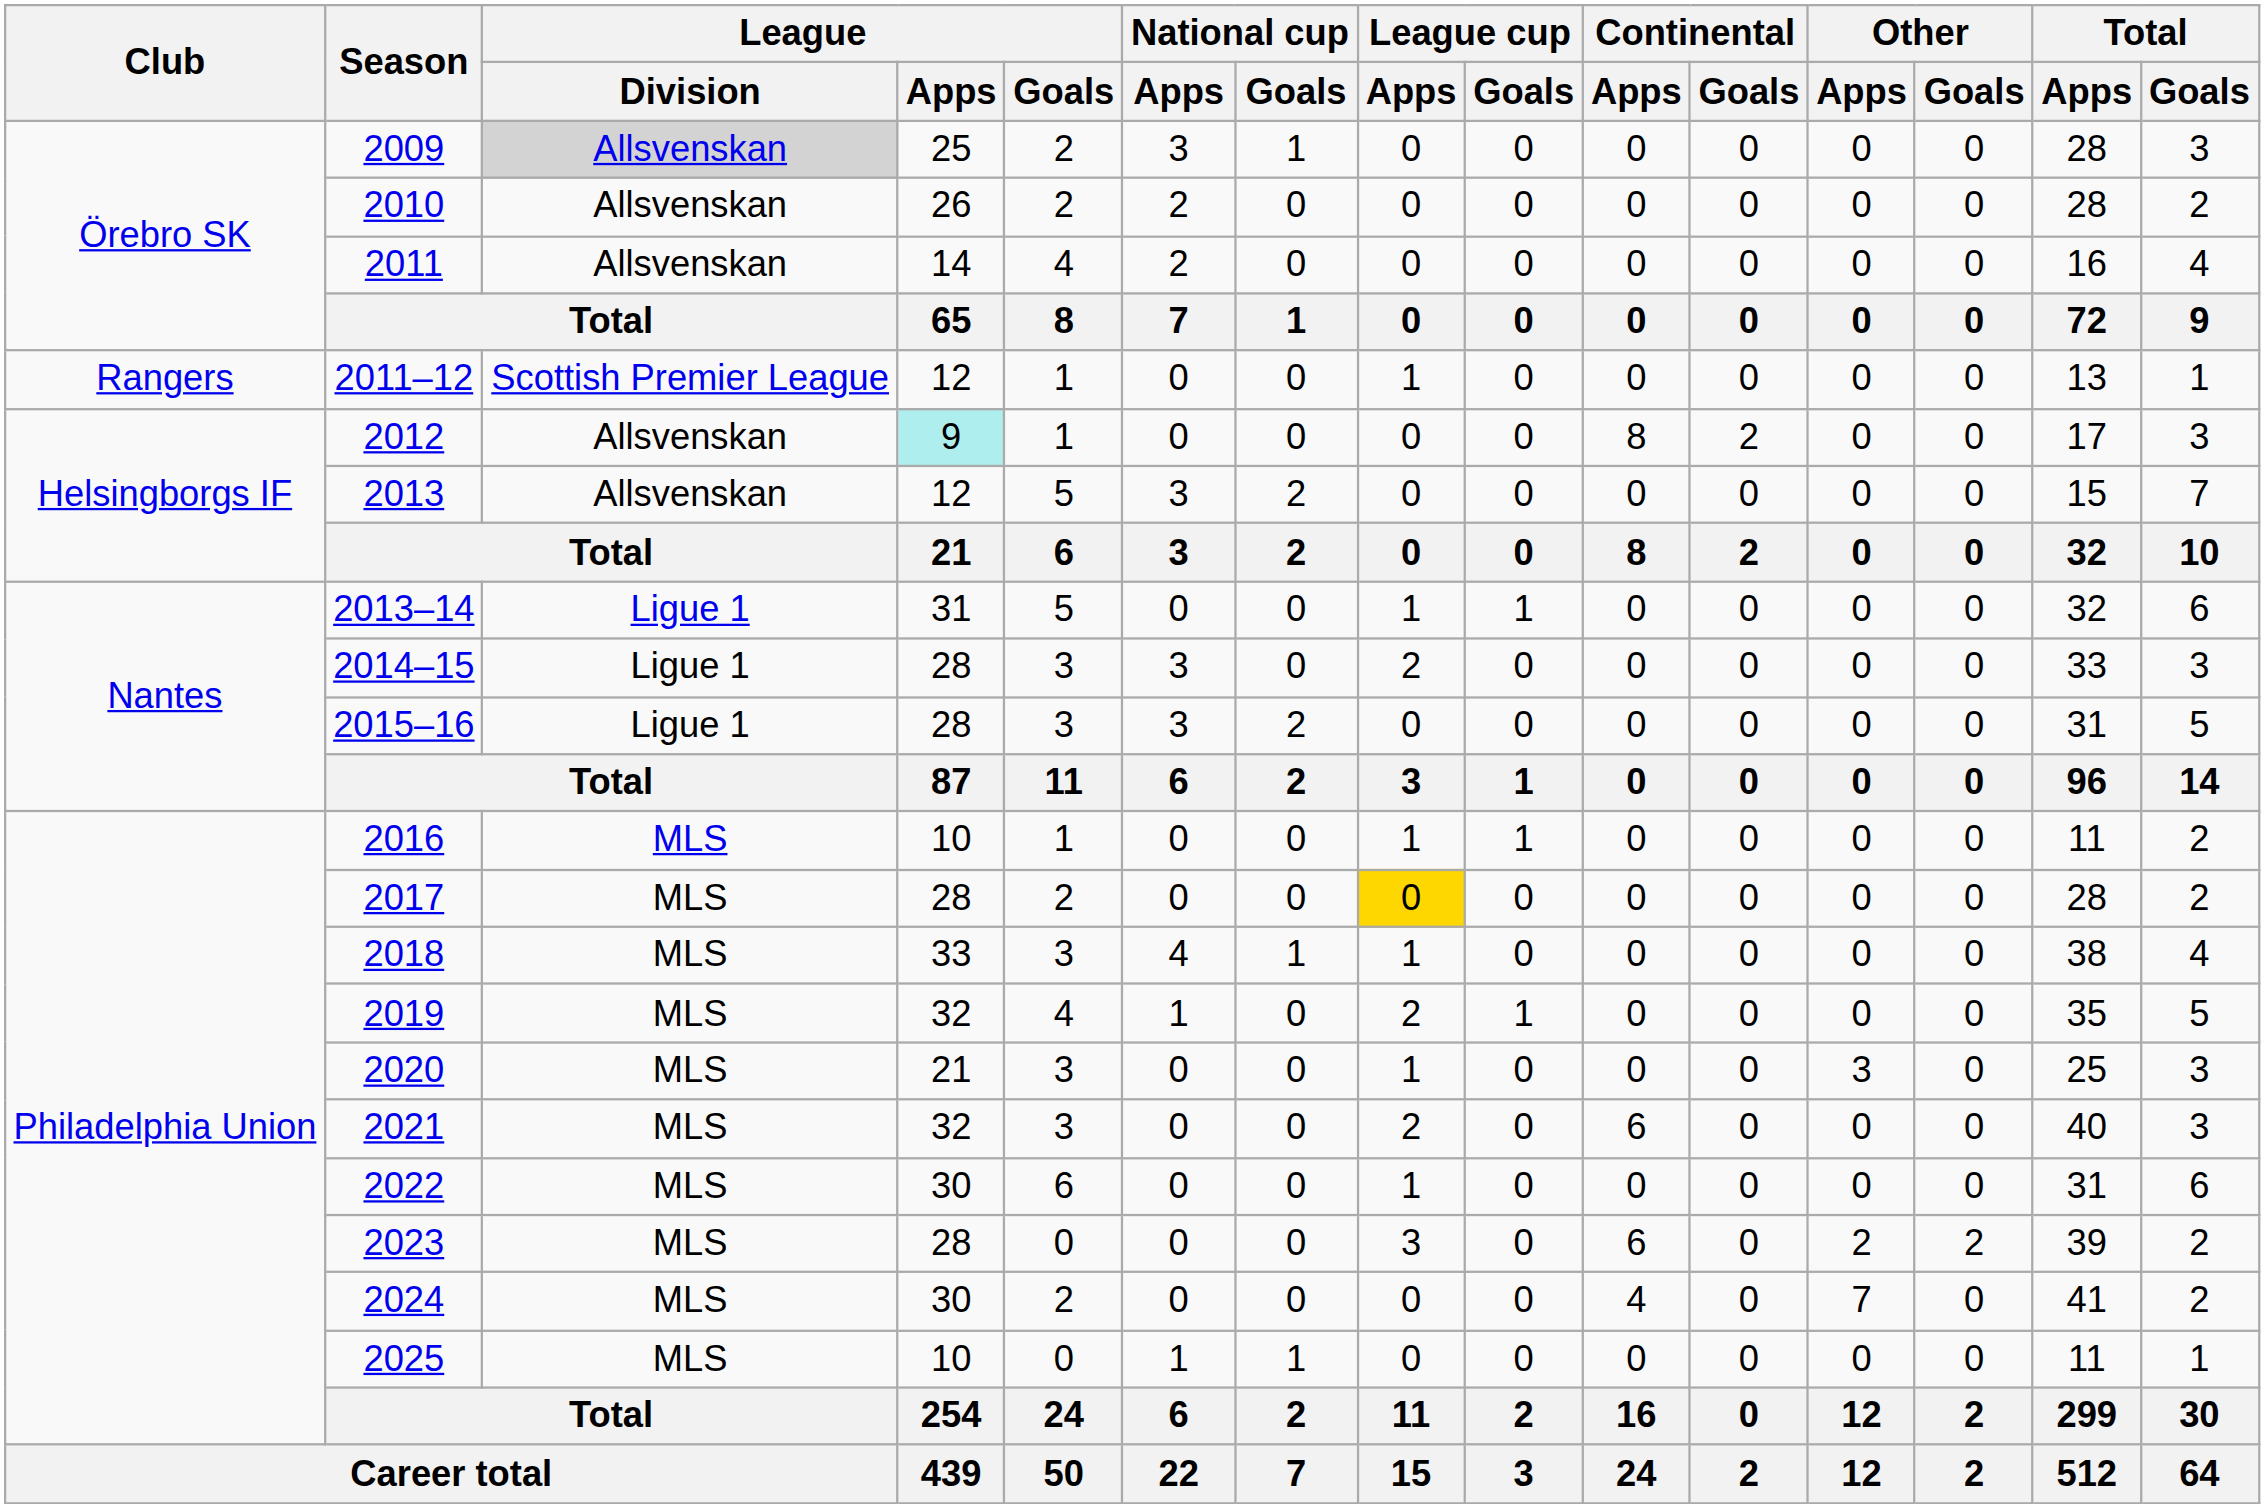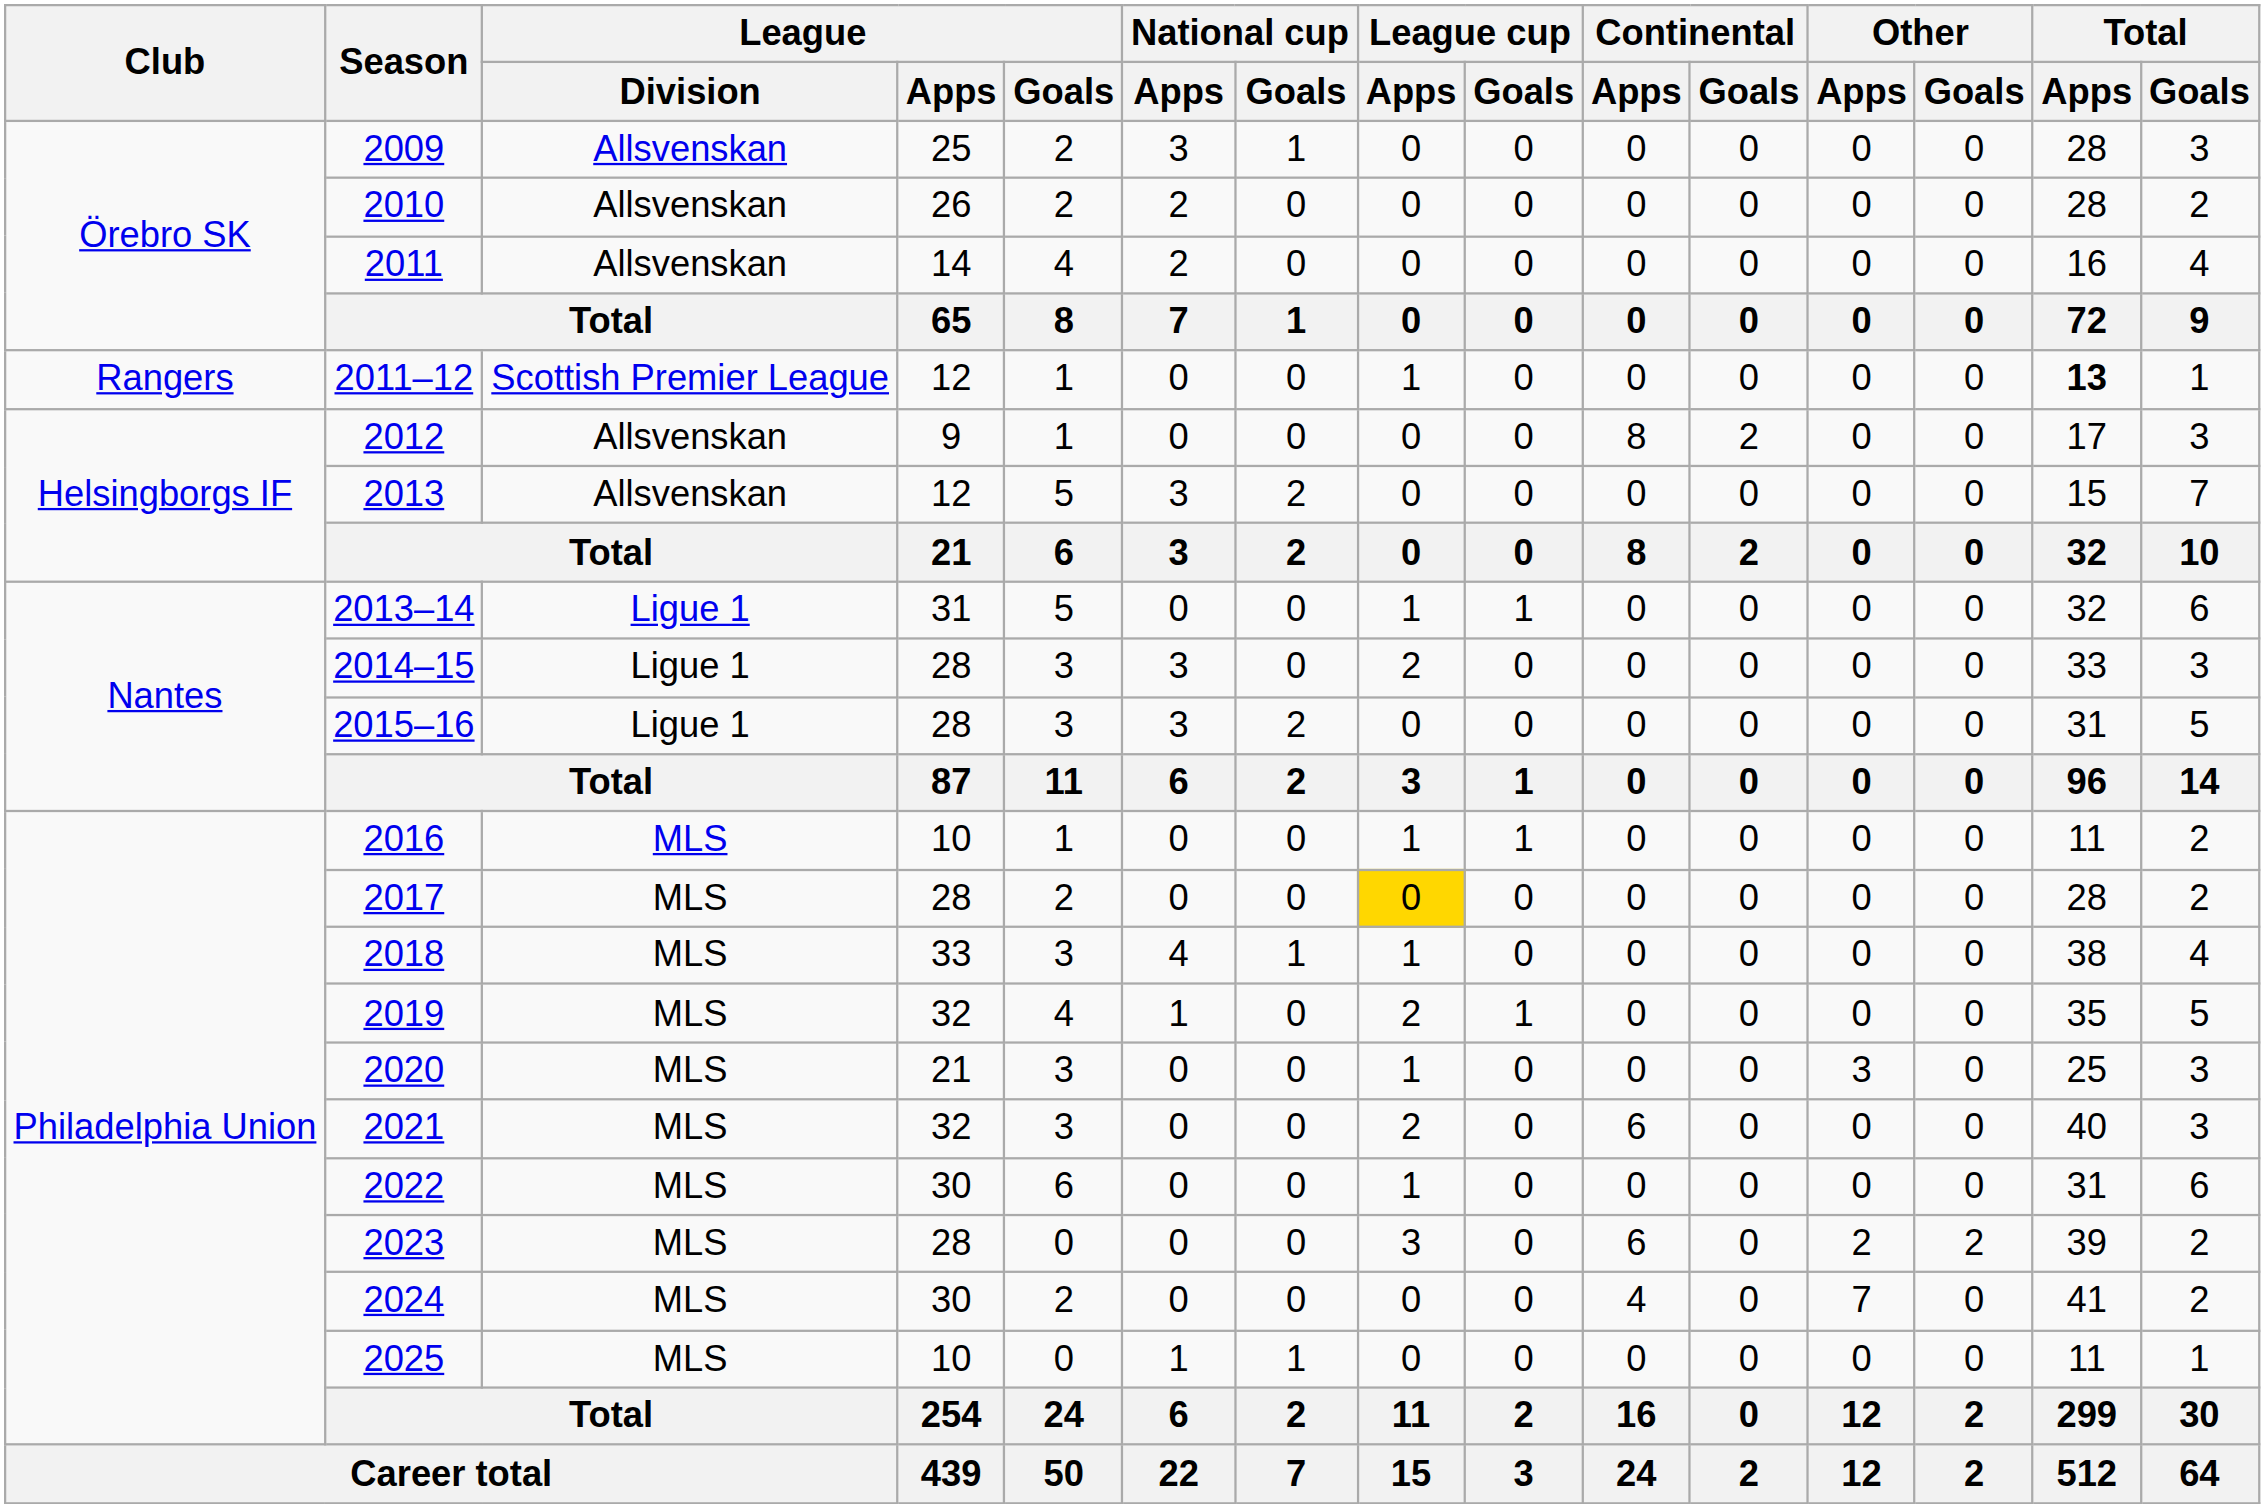 <table class="wikitable" style="text-align:center">
 <tr>
 <th rowspan="2">Club</th>
 <th rowspan="2">Season</th>
 <th colspan="3">League</th>
 <th colspan="2">National cup</th>
 <th colspan="2">League cup</th>
 <th colspan="2">Continental</th>
 <th colspan="2">Other</th>
 <th colspan="2">Total</th>
 </tr>
 <tr>
 <th>Division</th>
 <th>Apps</th>
 <th>Goals</th>
 <th>Apps</th>
 <th>Goals</th>
 <th>Apps</th>
 <th>Goals</th>
 <th>Apps</th>
 <th>Goals</th>
 <th>Apps</th>
 <th>Goals</th>
 <th>Apps</th>
 <th>Goals</th>
 </tr>
 <tr>
 <td rowspan="4"><a href='#'>Örebro SK</a></td>
 <td><a href='#'>2009</a></td>
-<td style="background: lightgrey;"><a href='#'>Allsvenskan</a></td>
+<td><a href='#'>Allsvenskan</a></td>
 <td>25</td>
 <td>2</td>
 <td>3</td>
 <td>1</td>
 <td>0</td>
 <td>0</td>
 <td>0</td>
 <td>0</td>
 <td>0</td>
 <td>0</td>
 <td>28</td>
 <td>3</td>
 </tr>
 <tr>
 <td><a href='#'>2010</a></td>
 <td>Allsvenskan</td>
 <td>26</td>
 <td>2</td>
 <td>2</td>
 <td>0</td>
 <td>0</td>
 <td>0</td>
 <td>0</td>
 <td>0</td>
 <td>0</td>
 <td>0</td>
 <td>28</td>
 <td>2</td>
 </tr>
 <tr>
 <td><a href='#'>2011</a></td>
 <td>Allsvenskan</td>
 <td>14</td>
 <td>4</td>
 <td>2</td>
 <td>0</td>
 <td>0</td>
 <td>0</td>
 <td>0</td>
 <td>0</td>
 <td>0</td>
 <td>0</td>
 <td>16</td>
 <td>4</td>
 </tr>
 <tr>
 <th colspan="2">Total</th>
 <th>65</th>
 <th>8</th>
 <th>7</th>
 <th>1</th>
 <th>0</th>
 <th>0</th>
 <th>0</th>
 <th>0</th>
 <th>0</th>
 <th>0</th>
 <th>72</th>
 <th>9</th>
 </tr>
 <tr>
 <td><a href='#'>Rangers</a></td>
 <td><a href='#'>2011–12</a></td>
 <td><a href='#'>Scottish Premier League</a></td>
 <td>12</td>
 <td>1</td>
 <td>0</td>
 <td>0</td>
 <td>1</td>
 <td>0</td>
 <td>0</td>
 <td>0</td>
 <td>0</td>
 <td>0</td>
-<td>13</td>
+<td><strong>13</strong></td>
 <td>1</td>
 </tr>
 <tr>
 <td rowspan="3"><a href='#'>Helsingborgs IF</a></td>
 <td><a href='#'>2012</a></td>
 <td>Allsvenskan</td>
-<td style="background: paleturquoise;">9</td>
+<td>9</td>
 <td>1</td>
 <td>0</td>
 <td>0</td>
 <td>0</td>
 <td>0</td>
 <td>8</td>
 <td>2</td>
 <td>0</td>
 <td>0</td>
 <td>17</td>
 <td>3</td>
 </tr>
 <tr>
 <td><a href='#'>2013</a></td>
 <td>Allsvenskan</td>
 <td>12</td>
 <td>5</td>
 <td>3</td>
 <td>2</td>
 <td>0</td>
 <td>0</td>
 <td>0</td>
 <td>0</td>
 <td>0</td>
 <td>0</td>
 <td>15</td>
 <td>7</td>
 </tr>
 <tr>
 <th colspan="2">Total</th>
 <th>21</th>
 <th>6</th>
 <th>3</th>
 <th>2</th>
 <th>0</th>
 <th>0</th>
 <th>8</th>
 <th>2</th>
 <th>0</th>
 <th>0</th>
 <th>32</th>
 <th>10</th>
 </tr>
 <tr>
 <td rowspan="4"><a href='#'>Nantes</a></td>
 <td><a href='#'>2013–14</a></td>
 <td><a href='#'>Ligue 1</a></td>
 <td>31</td>
 <td>5</td>
 <td>0</td>
 <td>0</td>
 <td>1</td>
 <td>1</td>
 <td>0</td>
 <td>0</td>
 <td>0</td>
 <td>0</td>
 <td>32</td>
 <td>6</td>
 </tr>
 <tr>
 <td><a href='#'>2014–15</a></td>
 <td>Ligue 1</td>
 <td>28</td>
 <td>3</td>
 <td>3</td>
 <td>0</td>
 <td>2</td>
 <td>0</td>
 <td>0</td>
 <td>0</td>
 <td>0</td>
 <td>0</td>
 <td>33</td>
 <td>3</td>
 </tr>
 <tr>
 <td><a href='#'>2015–16</a></td>
 <td>Ligue 1</td>
 <td>28</td>
 <td>3</td>
 <td>3</td>
 <td>2</td>
 <td>0</td>
 <td>0</td>
 <td>0</td>
 <td>0</td>
 <td>0</td>
 <td>0</td>
 <td>31</td>
 <td>5</td>
 </tr>
 <tr>
 <th colspan="2">Total</th>
 <th>87</th>
 <th>11</th>
 <th>6</th>
 <th>2</th>
 <th>3</th>
 <th>1</th>
 <th>0</th>
 <th>0</th>
 <th>0</th>
 <th>0</th>
 <th>96</th>
 <th>14</th>
 </tr>
 <tr>
 <td rowspan="11"><a href='#'>Philadelphia Union</a></td>
 <td><a href='#'>2016</a></td>
 <td><a href='#'>MLS</a></td>
 <td>10</td>
 <td>1</td>
 <td>0</td>
 <td>0</td>
 <td>1</td>
 <td>1</td>
 <td>0</td>
 <td>0</td>
 <td>0</td>
 <td>0</td>
 <td>11</td>
 <td>2</td>
 </tr>
 <tr>
 <td><a href='#'>2017</a></td>
 <td>MLS</td>
 <td>28</td>
 <td>2</td>
 <td>0</td>
 <td>0</td>
 <td style="background: gold;">0</td>
 <td>0</td>
 <td>0</td>
 <td>0</td>
 <td>0</td>
 <td>0</td>
 <td>28</td>
 <td>2</td>
 </tr>
 <tr>
 <td><a href='#'>2018</a></td>
 <td>MLS</td>
 <td>33</td>
 <td>3</td>
 <td>4</td>
 <td>1</td>
 <td>1</td>
 <td>0</td>
 <td>0</td>
 <td>0</td>
 <td>0</td>
 <td>0</td>
 <td>38</td>
 <td>4</td>
 </tr>
 <tr>
 <td><a href='#'>2019</a></td>
 <td>MLS</td>
 <td>32</td>
 <td>4</td>
 <td>1</td>
 <td>0</td>
 <td>2</td>
 <td>1</td>
 <td>0</td>
 <td>0</td>
 <td>0</td>
 <td>0</td>
 <td>35</td>
 <td>5</td>
 </tr>
 <tr>
 <td><a href='#'>2020</a></td>
 <td>MLS</td>
 <td>21</td>
 <td>3</td>
 <td>0</td>
 <td>0</td>
 <td>1</td>
 <td>0</td>
 <td>0</td>
 <td>0</td>
 <td>3</td>
 <td>0</td>
 <td>25</td>
 <td>3</td>
 </tr>
 <tr>
 <td><a href='#'>2021</a></td>
 <td>MLS</td>
 <td>32</td>
 <td>3</td>
 <td>0</td>
 <td>0</td>
 <td>2</td>
 <td>0</td>
 <td>6</td>
 <td>0</td>
 <td>0</td>
 <td>0</td>
 <td>40</td>
 <td>3</td>
 </tr>
 <tr>
 <td><a href='#'>2022</a></td>
 <td>MLS</td>
 <td>30</td>
 <td>6</td>
 <td>0</td>
 <td>0</td>
 <td>1</td>
 <td>0</td>
 <td>0</td>
 <td>0</td>
 <td>0</td>
 <td>0</td>
 <td>31</td>
 <td>6</td>
 </tr>
 <tr>
 <td><a href='#'>2023</a></td>
 <td>MLS</td>
 <td>28</td>
 <td>0</td>
 <td>0</td>
 <td>0</td>
 <td>3</td>
 <td>0</td>
 <td>6</td>
 <td>0</td>
 <td>2</td>
 <td>2</td>
 <td>39</td>
 <td>2</td>
 </tr>
 <tr>
 <td><a href='#'>2024</a></td>
 <td>MLS</td>
 <td>30</td>
 <td>2</td>
 <td>0</td>
 <td>0</td>
 <td>0</td>
 <td>0</td>
 <td>4</td>
 <td>0</td>
 <td>7</td>
 <td>0</td>
 <td>41</td>
 <td>2</td>
 </tr>
 <tr>
 <td><a href='#'>2025</a></td>
 <td>MLS</td>
 <td>10</td>
 <td>0</td>
 <td>1</td>
 <td>1</td>
 <td>0</td>
 <td>0</td>
 <td>0</td>
 <td>0</td>
 <td>0</td>
 <td>0</td>
 <td>11</td>
 <td>1</td>
 </tr>
 <tr>
 <th colspan="2">Total</th>
 <th>254</th>
 <th>24</th>
 <th>6</th>
 <th>2</th>
 <th>11</th>
 <th>2</th>
 <th>16</th>
 <th>0</th>
 <th>12</th>
 <th>2</th>
 <th>299</th>
 <th>30</th>
 </tr>
 <tr>
 <th colspan="3">Career total</th>
 <th>439</th>
 <th>50</th>
 <th>22</th>
 <th>7</th>
 <th>15</th>
 <th>3</th>
 <th>24</th>
 <th>2</th>
 <th>12</th>
 <th>2</th>
 <th>512</th>
 <th>64</th>
 </tr>
 </table>
